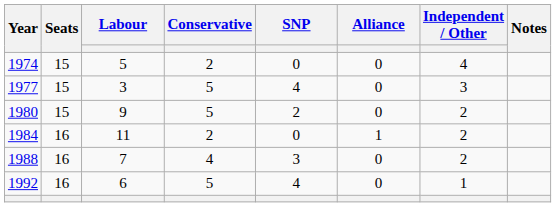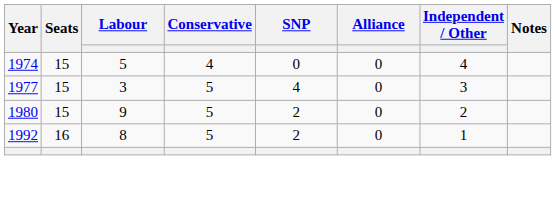 <table class="wikitable" style=text-align:center>
 <tr>
 <th rowspan=2><strong>Year</strong></th>
 <th rowspan=2><strong>Seats</strong></th>
 <th width="80"><a href='#'><strong>Labour</strong></a></th>
 <th width="80"><strong><a href='#'>Conservative</a></strong></th>
 <th width="80"><strong><a href='#'>SNP</a></strong></th>
 <th width="80"><strong><a href='#'>Alliance</a></strong></th>
 <th width="80"><a href='#'><strong>Independent / Other</strong></a></th>
 <th rowspan=2><strong>Notes</strong></th>
 </tr>
 <tr>
 <th style="background-color: "></th>
 <th style="background-color: "></th>
 <th style="background-color: "></th>
 <th style="background-color: "></th>
 <th style="background-color: "></th>
 </tr>
 <tr>
 <td><a href='#'>1974</a></td>
 <td>15</td>
 <td>5</td>
-<td>2</td>
+<td>4</td>
 <td>0</td>
 <td>0</td>
 <td>4</td>
 <td align=left></td>
 </tr>
 <tr>
 <td><a href='#'>1977</a></td>
 <td>15</td>
 <td>3</td>
 <td>5</td>
 <td>4</td>
 <td>0</td>
 <td>3</td>
 <td align=left></td>
 </tr>
 <tr>
 <td><a href='#'>1980</a></td>
 <td>15</td>
 <td>9</td>
 <td>5</td>
 <td>2</td>
 <td>0</td>
 <td>2</td>
 <td align=left></td>
 </tr>
 <tr>
-<td><a href='#'>1984</a></td>
-<td>16</td>
-<td>11</td>
-<td>2</td>
-<td>0</td>
-<td>1</td>
-<td>2</td>
-<td align=left></td>
-</tr>
-<tr>
-<td><a href='#'>1988</a></td>
-<td>16</td>
-<td>7</td>
-<td>4</td>
-<td>3</td>
-<td>0</td>
-<td>2</td>
-<td align=left></td>
-</tr>
-<tr>
 <td><a href='#'>1992</a></td>
 <td>16</td>
-<td>6</td>
+<td>8</td>
 <td>5</td>
-<td>4</td>
+<td>2</td>
 <td>0</td>
 <td>1</td>
 <td align=left></td>
 </tr>
 <tr>
 <th></th>
 <th></th>
 <th style="background-color: "></th>
 <th style="background-color: "></th>
 <th style="background-color: "></th>
 <th style="background-color: "></th>
 <th style="background-color: "></th>
 <th></th>
 </tr>
 </table>
